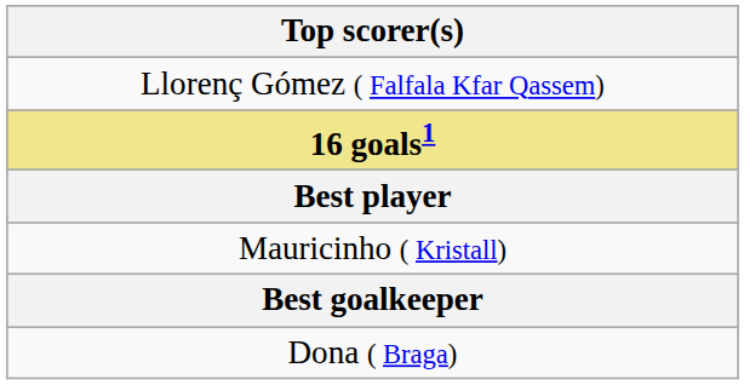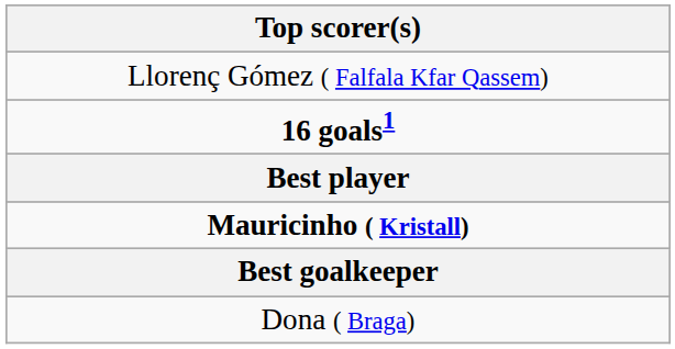 <table class="wikitable" style="margin: 1em auto 1em auto;">
 <tr>
 <th width=350 colspan=3>Top scorer(s)</th>
 </tr>
 <tr align=center style="background: ">
 <td style="text-align:center;"> Llorenç Gómez <small>( <a href='#'>Falfala Kfar Qassem</a>)</small></td>
 </tr>
 <tr>
-<td style="background: khaki; text-align:center;"><strong>16 goals</strong><sup><strong><a href='#'>1</a></strong></sup></td>
+<td style="text-align:center;"><strong>16 goals</strong><sup><strong><a href='#'>1</a></strong></sup></td>
 </tr>
 <tr>
 <th colspan=3>Best player</th>
 </tr>
 <tr>
-<td style="text-align:center;"> Mauricinho <small>( <a href='#'>Kristall</a>)</small></td>
+<td style="text-align:center;"><strong> Mauricinho <small>( <a href='#'>Kristall</a>)</small></strong></td>
 </tr>
 <tr>
 <th colspan=3>Best goalkeeper</th>
 </tr>
 <tr>
 <td style="text-align:center;"> Dona <small>( <a href='#'>Braga</a>)</small></td>
 </tr>
 </table>
